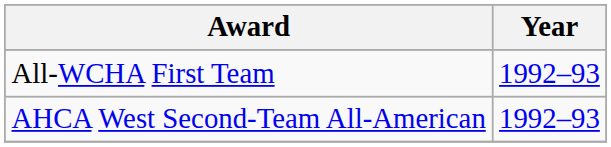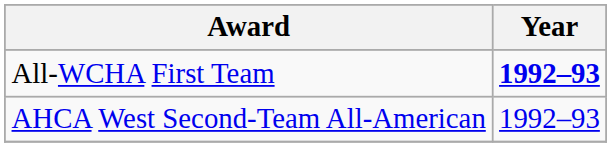 <table class="wikitable">
 <tr>
 <th>Award</th>
 <th>Year</th>
 </tr>
 <tr>
 <td>All-<a href='#'>WCHA</a> <a href='#'>First Team</a></td>
-<td><a href='#'>1992–93</a></td>
+<td><strong><a href='#'>1992–93</a></strong></td>
 </tr>
 <tr>
 <td><a href='#'>AHCA</a> <a href='#'>West Second-Team All-American</a></td>
 <td><a href='#'>1992–93</a></td>
 </tr>
 <tr>
 </tr>
 </table>
